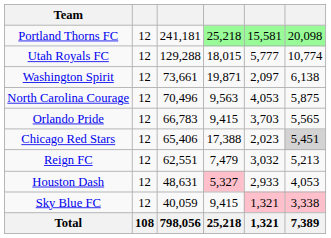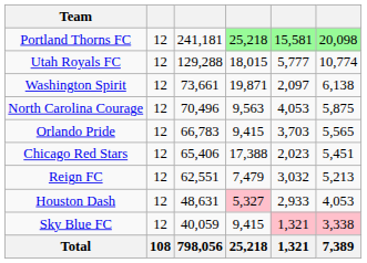 <table class="wikitable sortable" style="font-size: 95%;text-align: center;">
 <tr>
 <th>Team</th>
 <th></th>
 <th></th>
 <th></th>
 <th></th>
 <th></th>
 </tr>
 <tr>
 <td><a href='#'>Portland Thorns FC</a></td>
 <td>12</td>
 <td>241,181</td>
 <td bgcolor="#98fb98">25,218</td>
 <td bgcolor="#98fb98">15,581</td>
 <td bgcolor="#98fb98">20,098</td>
 </tr>
 <tr>
 <td><a href='#'>Utah Royals FC</a></td>
 <td>12</td>
 <td>129,288</td>
 <td>18,015</td>
 <td>5,777</td>
 <td>10,774</td>
 </tr>
 <tr>
 <td><a href='#'>Washington Spirit</a></td>
 <td>12</td>
 <td>73,661</td>
 <td>19,871</td>
 <td>2,097</td>
 <td>6,138</td>
 </tr>
 <tr>
 <td><a href='#'>North Carolina Courage</a></td>
 <td>12</td>
 <td>70,496</td>
 <td>9,563</td>
 <td>4,053</td>
 <td>5,875</td>
 </tr>
 <tr>
 <td><a href='#'>Orlando Pride</a></td>
 <td>12</td>
 <td>66,783</td>
 <td>9,415</td>
 <td>3,703</td>
 <td>5,565</td>
 </tr>
 <tr>
 <td><a href='#'>Chicago Red Stars</a></td>
 <td>12</td>
 <td>65,406</td>
 <td>17,388</td>
 <td>2,023</td>
-<td style="background: lightgrey;">5,451</td>
+<td>5,451</td>
 </tr>
 <tr>
 <td><a href='#'>Reign FC</a></td>
 <td>12</td>
 <td>62,551</td>
 <td>7,479</td>
 <td>3,032</td>
 <td>5,213</td>
 </tr>
 <tr>
 <td><a href='#'>Houston Dash</a></td>
 <td>12</td>
 <td>48,631</td>
 <td bgcolor="#ffc0cb">5,327</td>
 <td>2,933</td>
 <td>4,053</td>
 </tr>
 <tr>
 <td><a href='#'>Sky Blue FC</a></td>
 <td>12</td>
 <td>40,059</td>
 <td>9,415</td>
 <td bgcolor="#ffc0cb">1,321</td>
 <td bgcolor="#ffc0cb">3,338</td>
 </tr>
 <tr>
 <th>Total</th>
 <th>108</th>
 <th>798,056</th>
 <th>25,218</th>
 <th>1,321</th>
 <th>7,389</th>
 </tr>
 </table>
